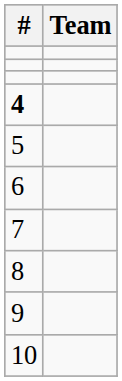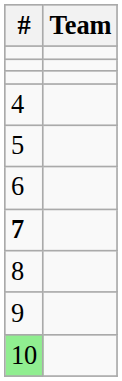 <table class="wikitable">
 <tr>
 <th>#</th>
 <th>Team</th>
 </tr>
 <tr>
 <td></td>
 <td></td>
 </tr>
 <tr>
 <td></td>
 <td></td>
 </tr>
 <tr>
 <td></td>
 <td></td>
 </tr>
 <tr>
-<td><strong>4</strong></td>
+<td>4</td>
 <td></td>
 </tr>
 <tr>
 <td>5</td>
 <td></td>
 </tr>
 <tr>
 <td>6</td>
 <td></td>
 </tr>
 <tr>
-<td>7</td>
+<td><strong>7</strong></td>
 <td></td>
 </tr>
 <tr>
 <td>8</td>
 <td></td>
 </tr>
 <tr>
 <td>9</td>
 <td></td>
 </tr>
 <tr>
-<td>10</td>
+<td style="background: lightgreen;">10</td>
 <td><strong></strong></td>
 </tr>
 </table>
